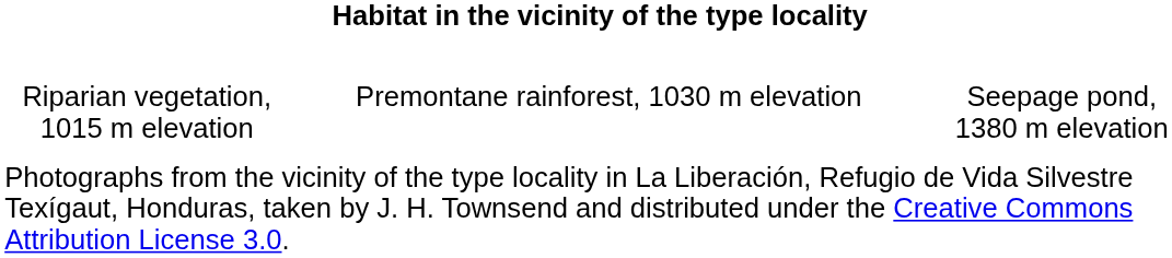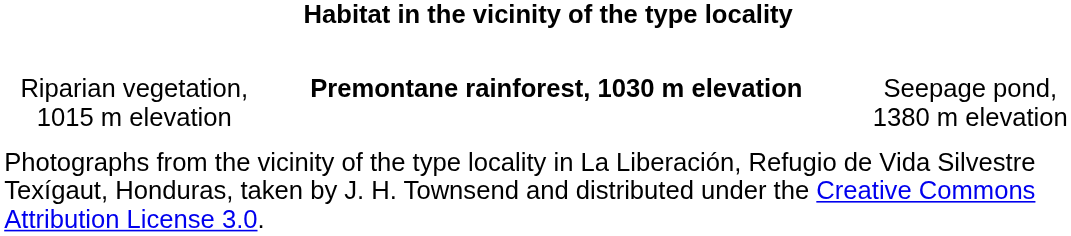 <table style="margin:0.5em auto 0.5em auto; text-align:center; width:700px;" cellpadding="0" cellspacing="10">
 <tr>
 <td colspan="3"><strong>Habitat in the vicinity of the type locality</strong></td>
 </tr>
 <tr style="vertical-align:top;">
 <td style="width:130px;"><br>Riparian vegetation, 1015 m elevation</td>
-<td style="width:276px;"><br>Premontane rainforest, 1030 m elevation</td>
+<td style="width:276px;"><strong><br>Premontane rainforest, 1030 m elevation</strong></td>
 <td style="width:110px;"><br>Seepage pond, 1380 m elevation</td>
 </tr>
 <tr style="text-align:left;">
 <td colspan="3">Photographs from the vicinity of the type locality in La Liberación, Refugio de Vida Silvestre Texígaut, Honduras, taken by J. H. Townsend and distributed under the <a href='#'>Creative Commons Attribution License 3.0</a>.</td>
 </tr>
 </table>
